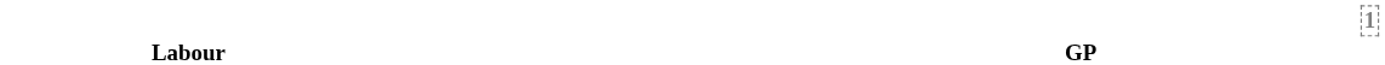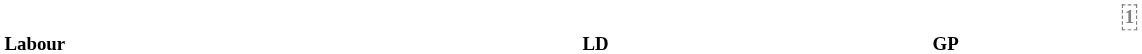 <table style="width:100%; text-align:center;">
 <tr style="color:white;">
 <td style="background:"><strong>92</strong></td>
+<td style="background:"><strong>2</strong></td>
 <td style="background:"><strong>1</strong></td>
 <td style="color:grey; background:white; width:1.04%; border: 1px dashed grey"><strong>1</strong></td>
 </tr>
 <tr>
 <td><span><strong>Labour</strong></span></td>
+<td><span><strong>LD</strong></span></td>
 <td><span><strong>GP</strong></span></td>
 <td><span></span></td>
 </tr>
 </table>
